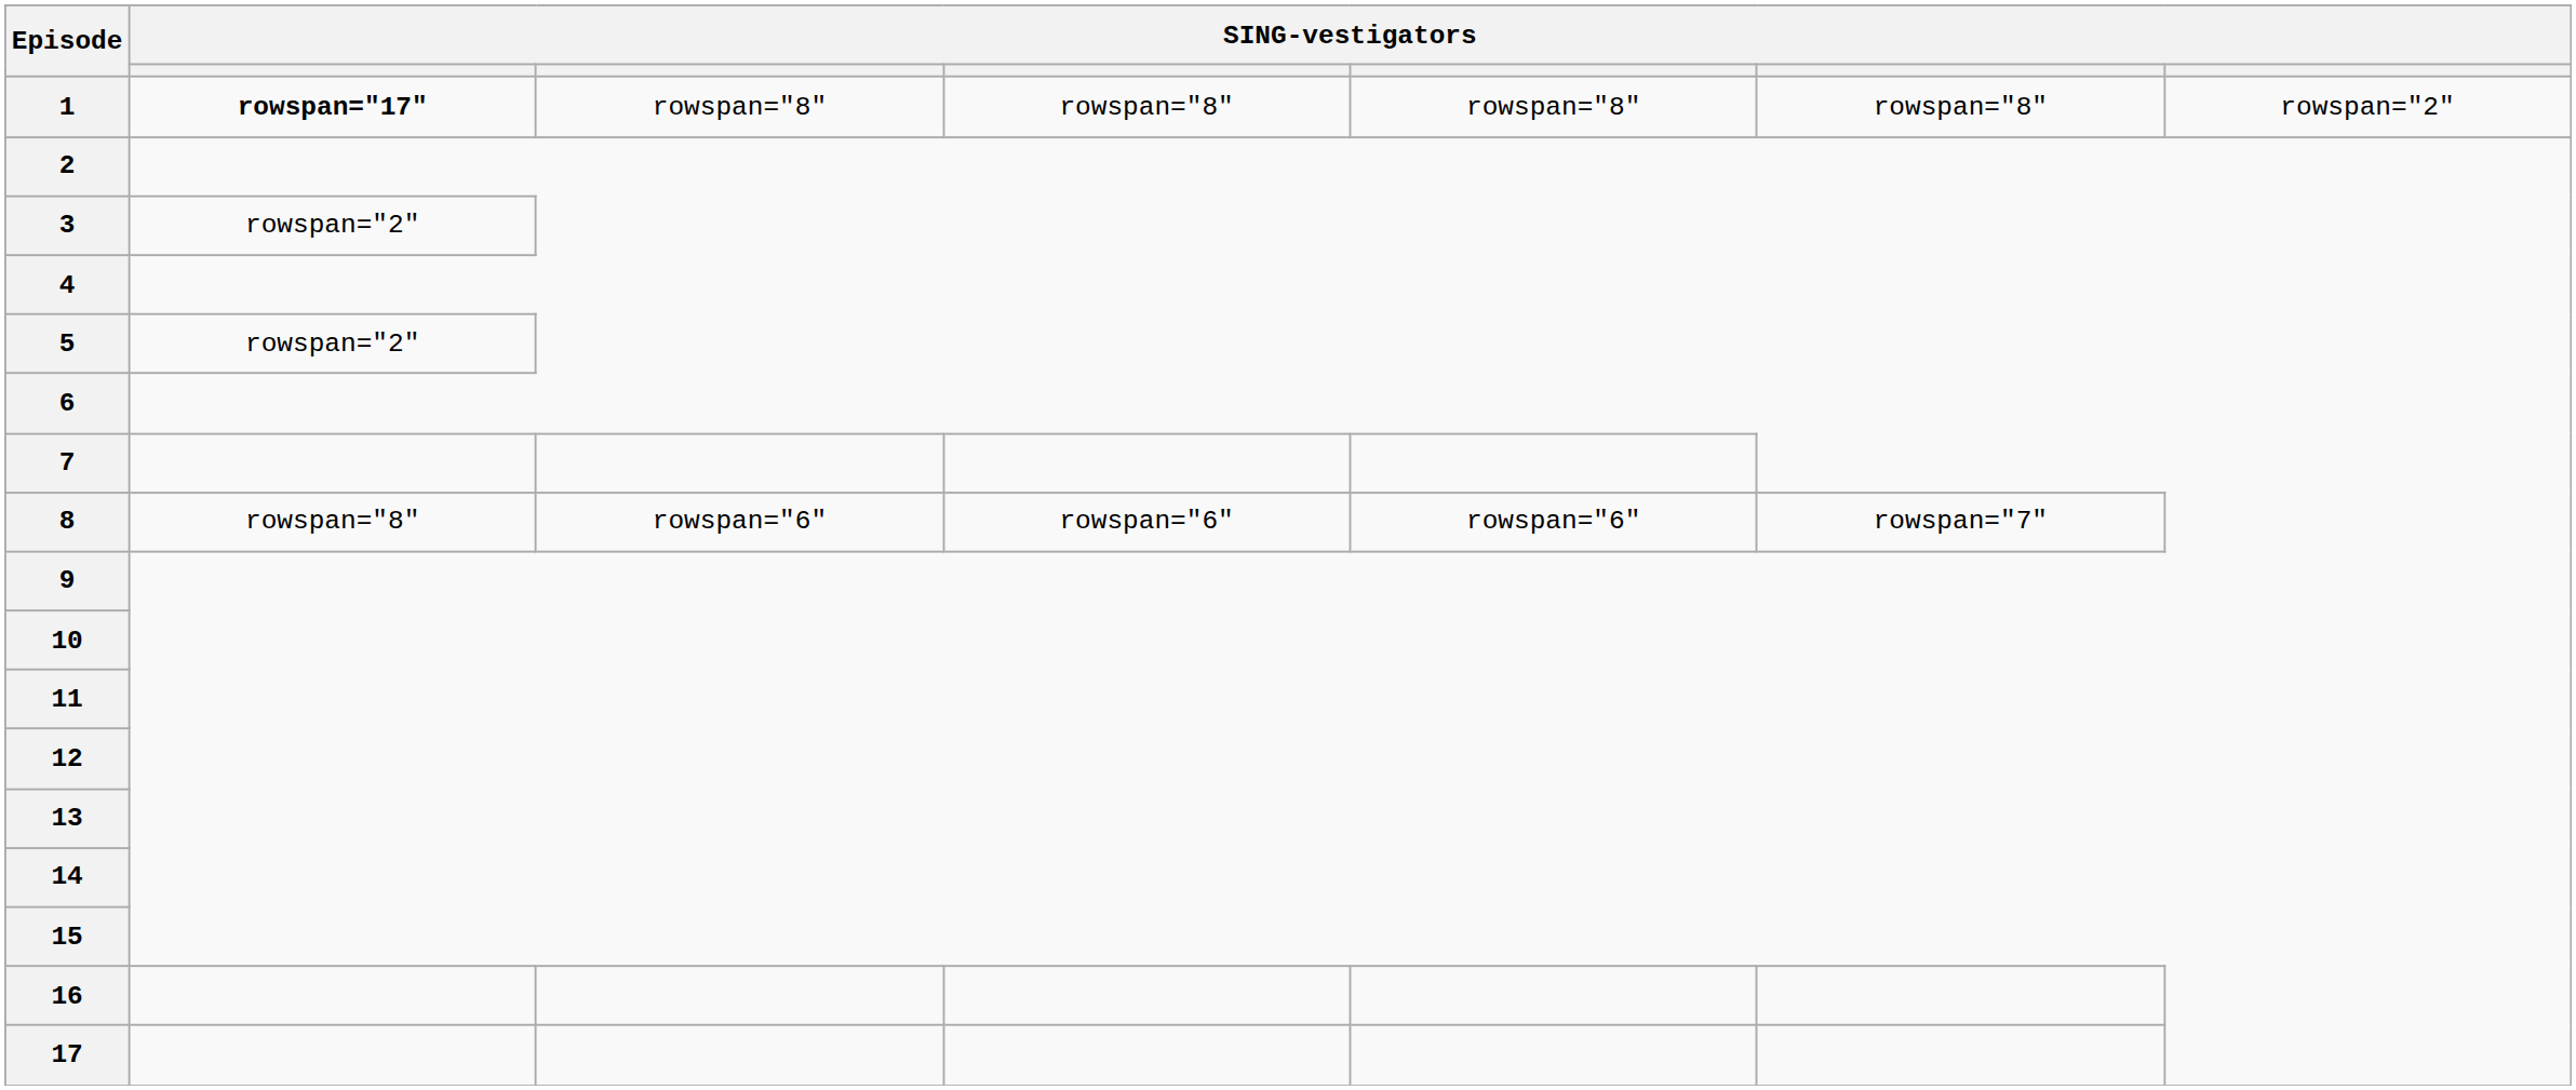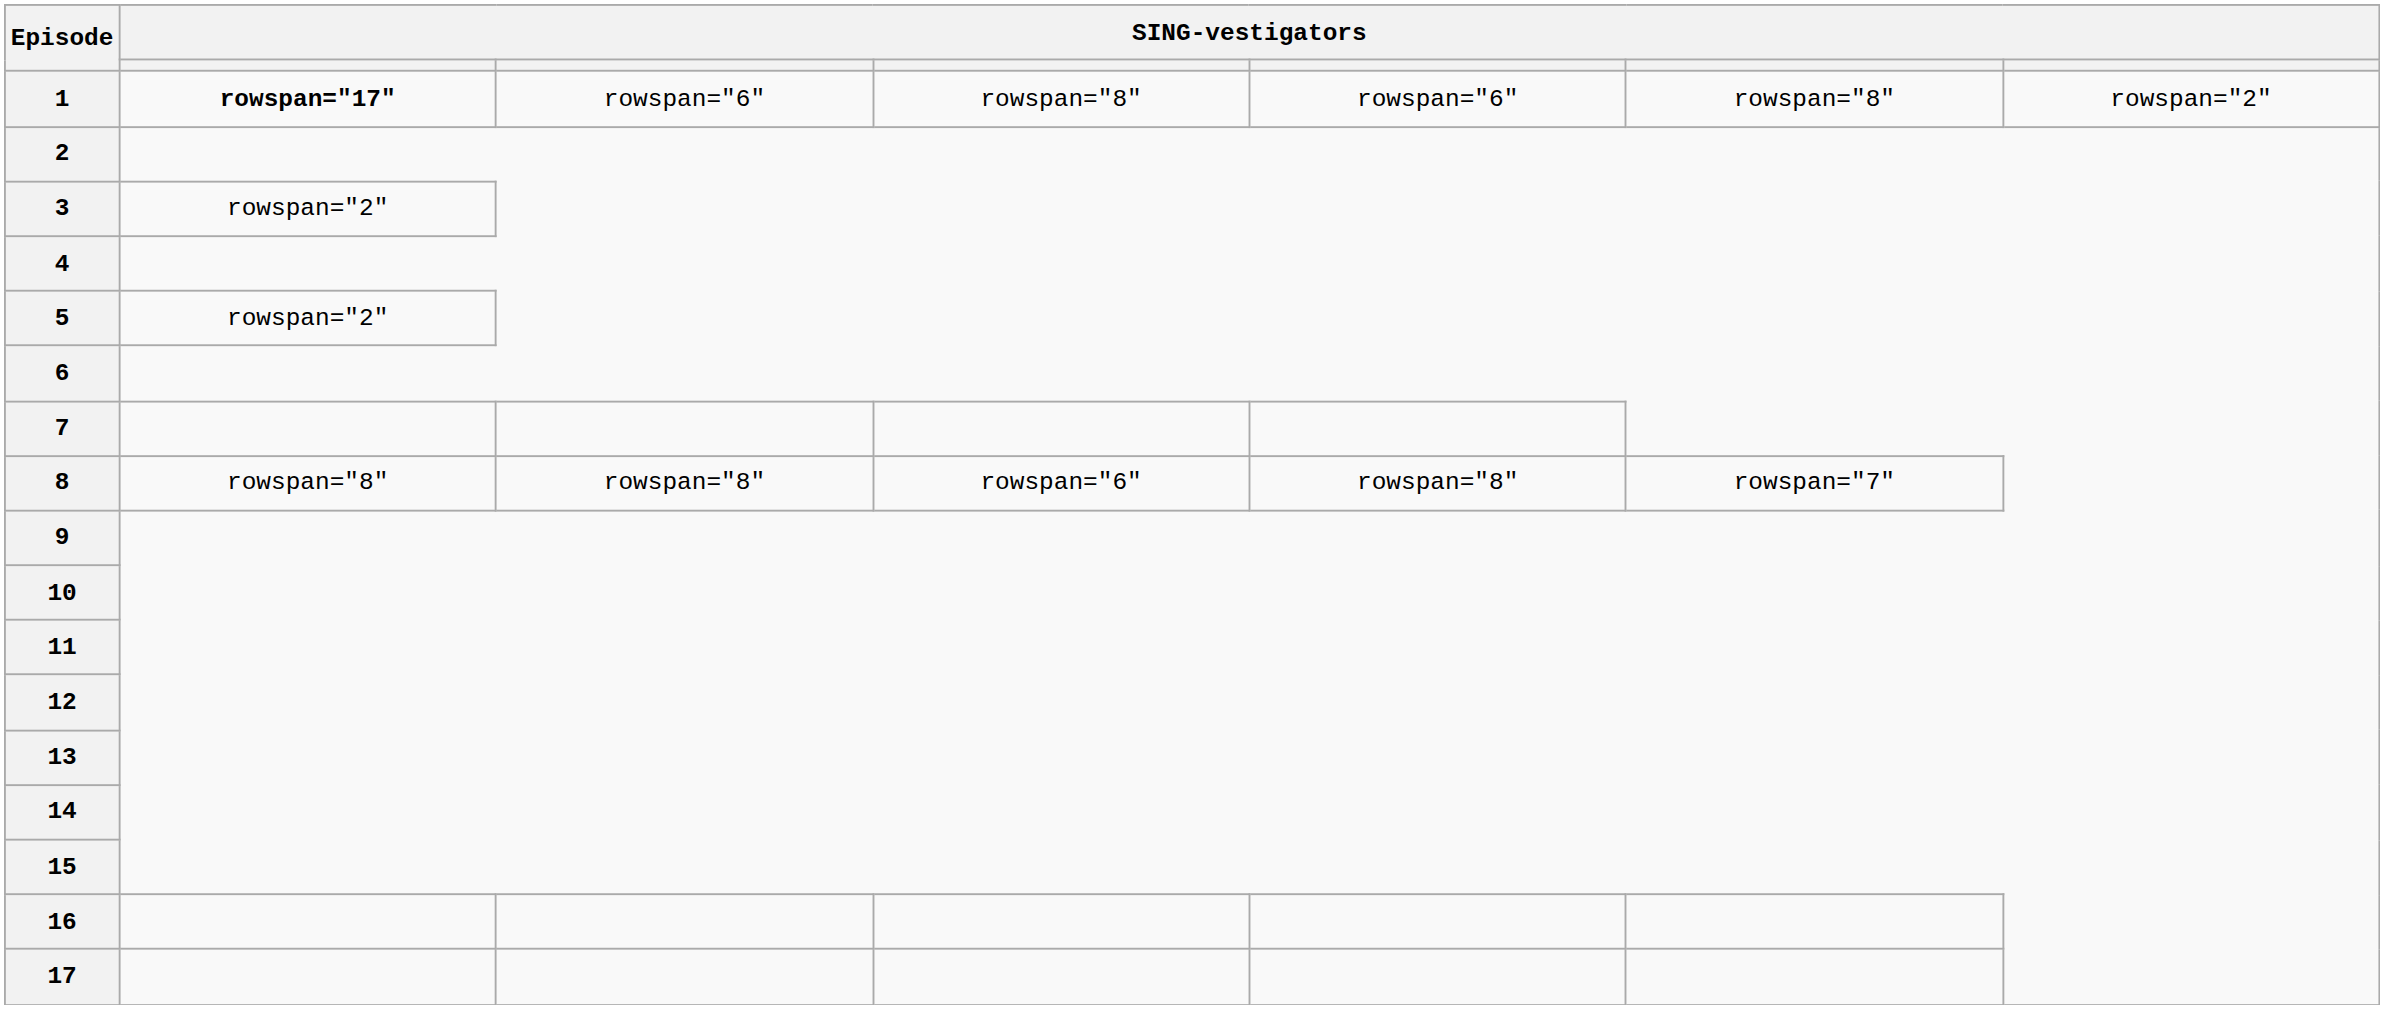 <table class="wikitable plainrowheaders mw-collapsible" style="text-align:center; line-height:23px; width:100%;">
 <tr>
 <th rowspan="2" width="1%">Episode</th>
 <th colspan="6">SING-vestigators</th>
 </tr>
 <tr>
 <th width="16%"></th>
 <th width="16%"></th>
 <th width="16%"></th>
 <th width="16%"></th>
 <th width="16%"></th>
 <th width="16%"></th>
 </tr>
 <tr>
 <th>1</th>
 <td><strong>rowspan="17" </strong></td>
+<td>rowspan="6" </td>
 <td>rowspan="8" </td>
-<td>rowspan="8" </td>
-<td>rowspan="8" </td>
+<td>rowspan="6" </td>
 <td>rowspan="8" </td>
 <td>rowspan="2" </td>
 </tr>
 <tr>
 <th>2</th>
 </tr>
 <tr>
 <th>3</th>
 <td>rowspan="2" </td>
 </tr>
 <tr>
 <th>4</th>
 </tr>
 <tr>
 <th>5</th>
 <td>rowspan="2" </td>
 </tr>
 <tr>
 <th>6</th>
 </tr>
 <tr>
 <th>7</th>
 <td></td>
 <td></td>
 <td></td>
 <td></td>
 </tr>
 <tr>
 <th>8</th>
 <td>rowspan="8" </td>
+<td>rowspan="8" </td>
 <td>rowspan="6" </td>
-<td>rowspan="6" </td>
-<td>rowspan="6" </td>
+<td>rowspan="8" </td>
 <td>rowspan="7" </td>
 </tr>
 <tr>
 <th>9</th>
 </tr>
 <tr>
 <th>10</th>
 </tr>
 <tr>
 <th>11</th>
 </tr>
 <tr>
 <th>12</th>
 </tr>
 <tr>
 <th>13</th>
 </tr>
 <tr>
 <th>14</th>
 </tr>
 <tr>
 <th>15</th>
 </tr>
 <tr>
 <th>16</th>
 <td></td>
 <td></td>
 <td></td>
 <td></td>
 <td></td>
 </tr>
 <tr>
 <th>17</th>
 <td></td>
 <td></td>
 <td></td>
 <td></td>
 <td></td>
 </tr>
 </table>
